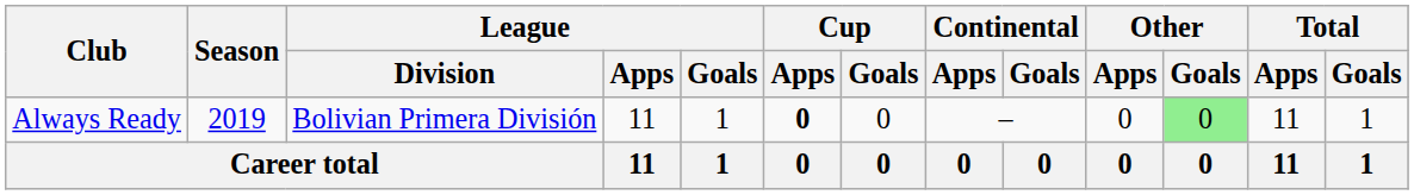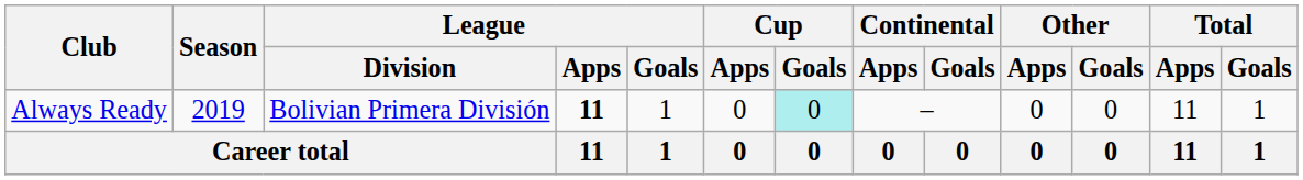 <table class="wikitable" style="text-align: center">
 <tr>
 <th rowspan="2">Club</th>
 <th rowspan="2">Season</th>
 <th colspan="3">League</th>
 <th colspan="2">Cup</th>
 <th colspan="2">Continental</th>
 <th colspan="2">Other</th>
 <th colspan="2">Total</th>
 </tr>
 <tr>
 <th>Division</th>
 <th>Apps</th>
 <th>Goals</th>
 <th>Apps</th>
 <th>Goals</th>
 <th>Apps</th>
 <th>Goals</th>
 <th>Apps</th>
 <th>Goals</th>
 <th>Apps</th>
 <th>Goals</th>
 </tr>
 <tr>
 <td><a href='#'>Always Ready</a></td>
 <td><a href='#'>2019</a></td>
 <td><a href='#'>Bolivian Primera División</a></td>
-<td>11</td>
+<td><strong>11</strong></td>
 <td>1</td>
-<td><strong>0</strong></td>
 <td>0</td>
+<td style="background: paleturquoise;">0</td>
 <td colspan="2">–</td>
 <td>0</td>
-<td style="background: lightgreen;">0</td>
+<td>0</td>
 <td>11</td>
 <td>1</td>
 </tr>
 <tr>
 <th colspan="3"><strong>Career total</strong></th>
 <th>11</th>
 <th>1</th>
 <th>0</th>
 <th>0</th>
 <th>0</th>
 <th>0</th>
 <th>0</th>
 <th>0</th>
 <th>11</th>
 <th>1</th>
 </tr>
 </table>
